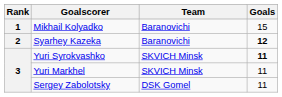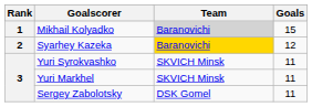 <table class="wikitable" style="font-size: 95%;">
 <tr bgcolor="#CCCCCC" align="center">
 <th>Rank</th>
 <th width=170>Goalscorer</th>
 <th width=170>Team</th>
 <th>Goals</th>
 </tr>
 <tr>
 <th align="center">1</th>
 <td> <a href='#'>Mikhail Kolyadko</a></td>
-<td><a href='#'>Baranovichi</a></td>
+<td style="background: lightgrey;"><a href='#'>Baranovichi</a></td>
 <td align="center">15</td>
 </tr>
 <tr>
 <th align="center">2</th>
 <td> <a href='#'>Syarhey Kazeka</a></td>
-<td><a href='#'>Baranovichi</a></td>
-<td align="center"><strong>12</strong></td>
+<td style="background: gold;"><a href='#'>Baranovichi</a></td>
+<td align="center">12</td>
 </tr>
 <tr>
 <th align="center" rowspan="3">3</th>
 <td> <a href='#'>Yuri Syrokvashko</a></td>
 <td><a href='#'>SKVICH Minsk</a></td>
-<td align="center"><strong>11</strong></td>
+<td align="center">11</td>
 </tr>
 <tr>
 <td> <a href='#'>Yuri Markhel</a></td>
 <td><a href='#'>SKVICH Minsk</a></td>
 <td align="center">11</td>
 </tr>
 <tr>
 <td> <a href='#'>Sergey Zabolotsky</a></td>
 <td><a href='#'>DSK Gomel</a></td>
 <td align="center">11</td>
 </tr>
 </table>
